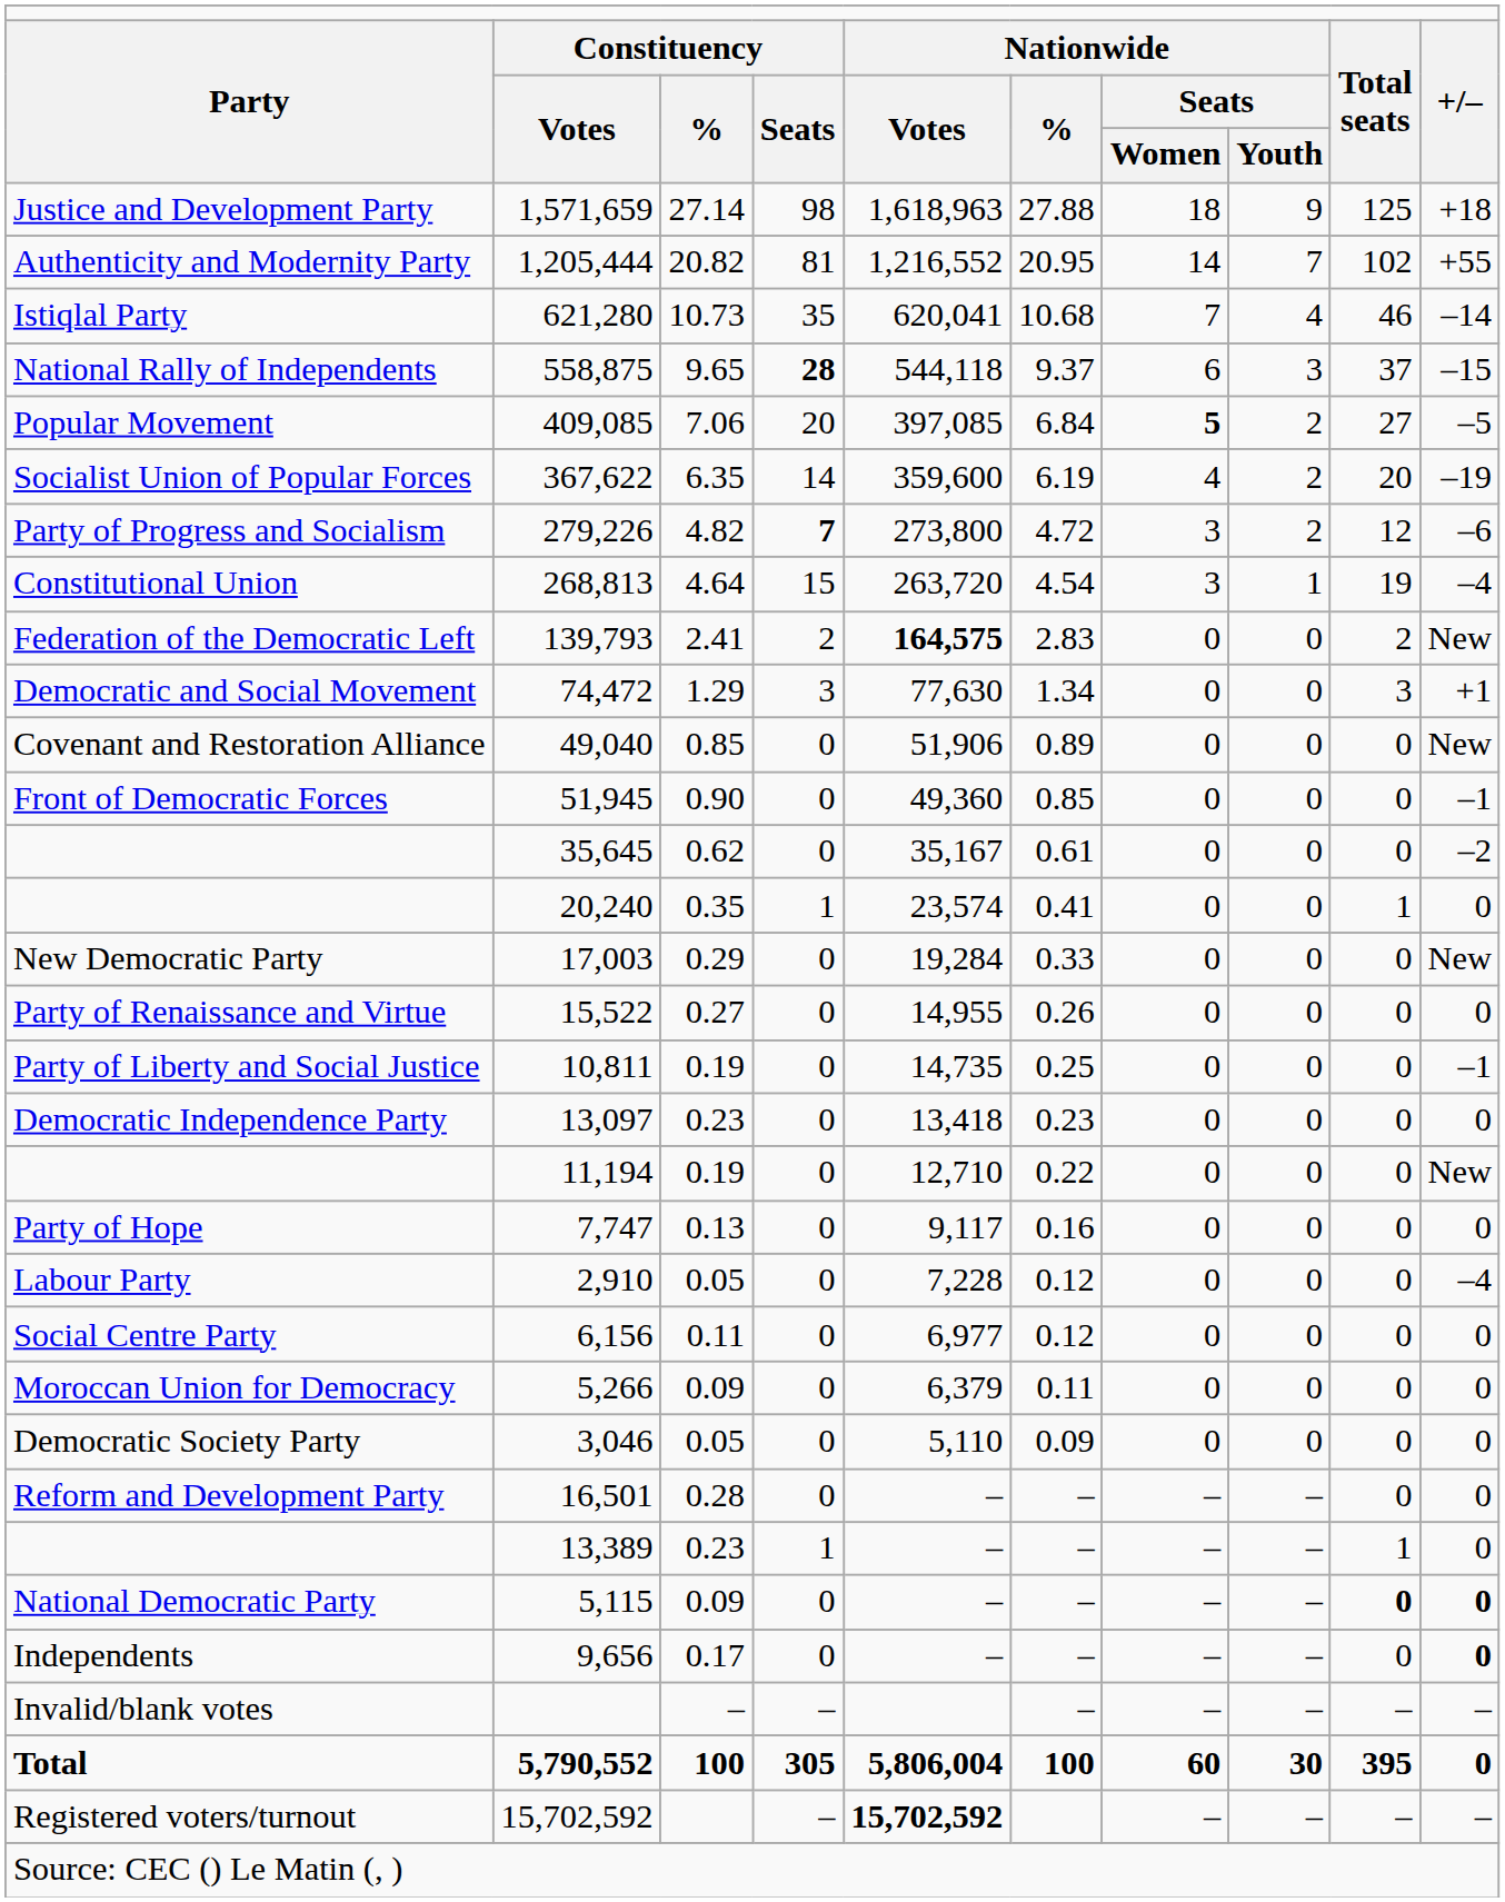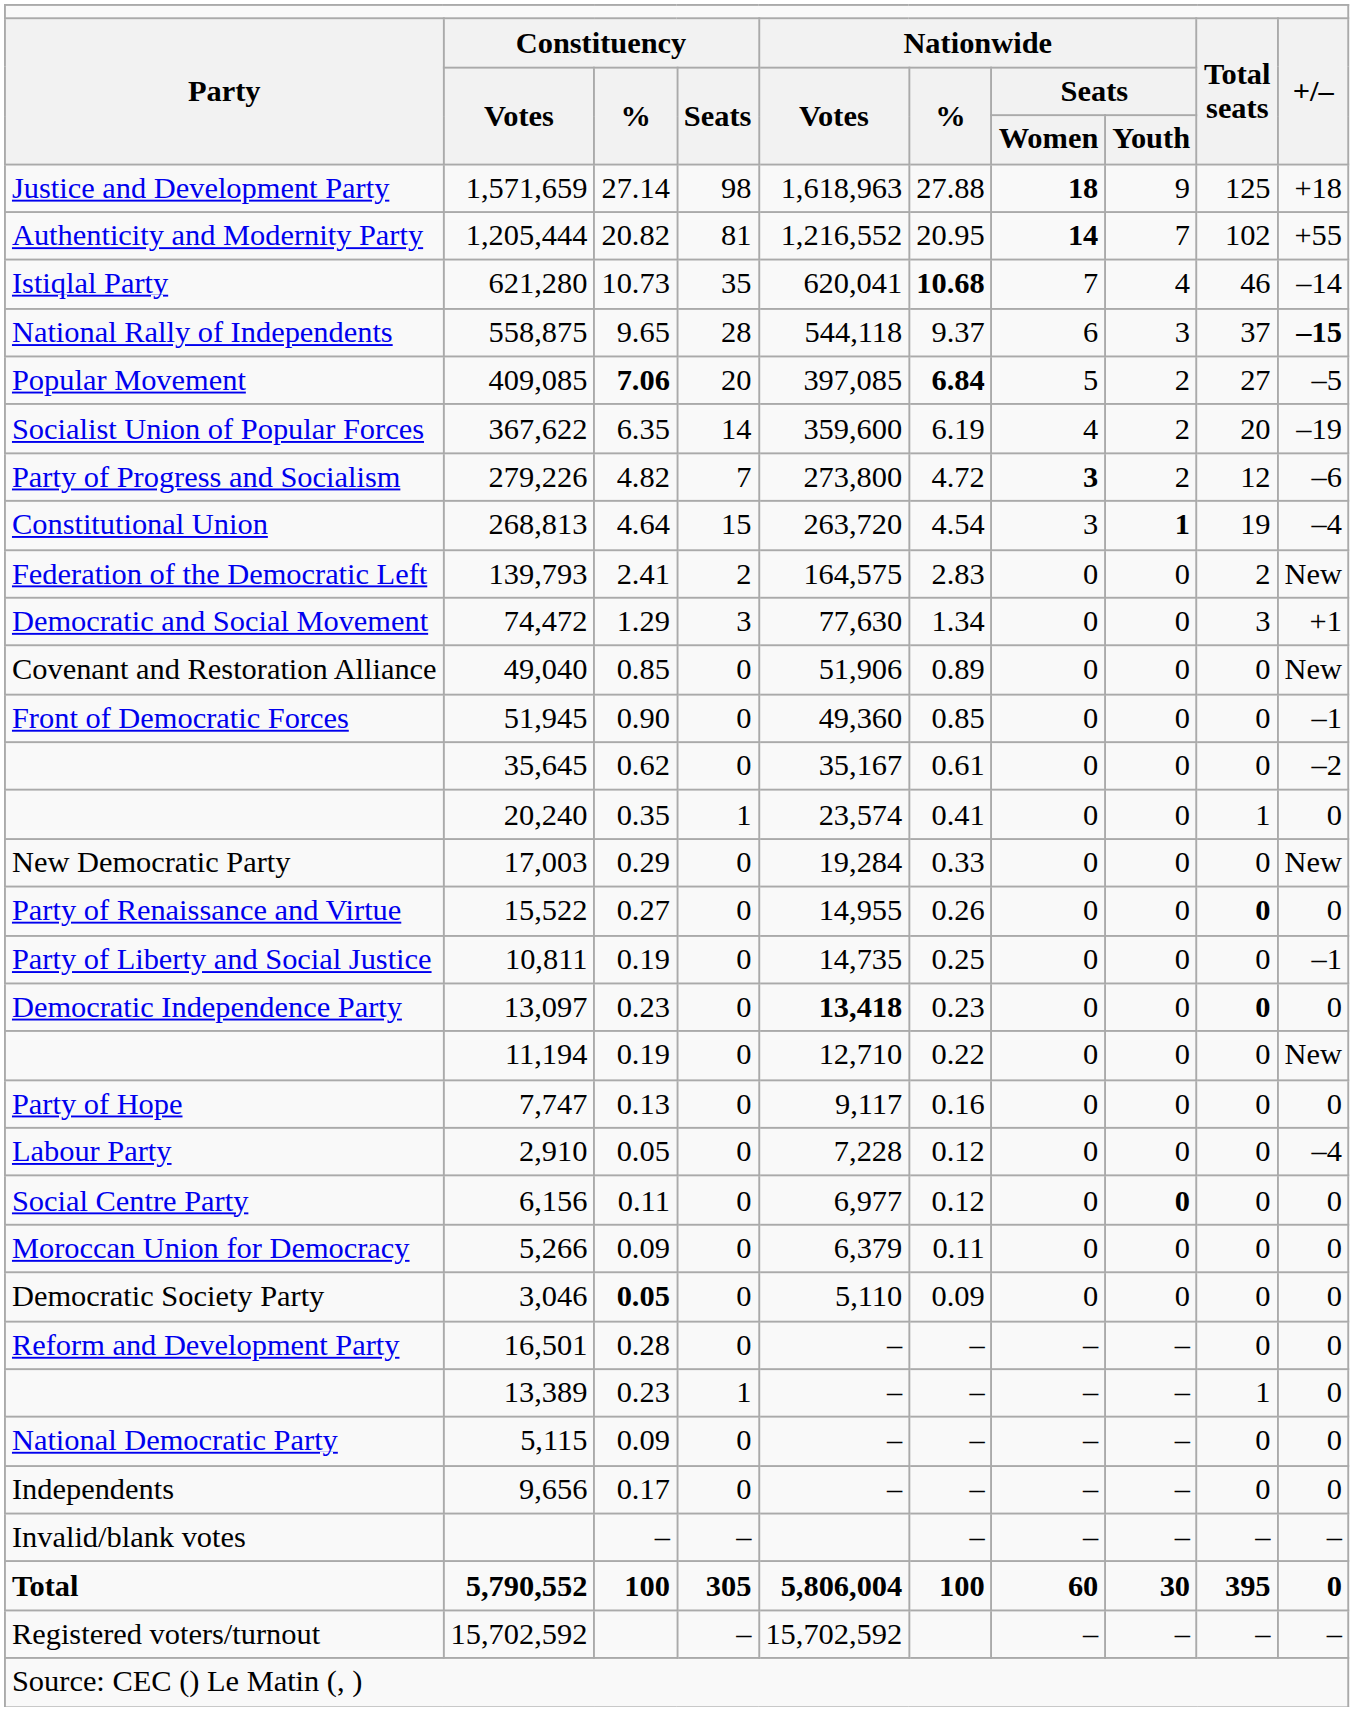 <table class=wikitable style=text-align:right>
 <tr>
 <td colspan=20 align=center></td>
 </tr>
 <tr>
 <th rowspan=3>Party</th>
 <th colspan=3>Constituency</th>
 <th colspan=4>Nationwide</th>
 <th rowspan=3>Total<br>seats</th>
 <th rowspan=3>+/–</th>
 </tr>
 <tr>
 <th rowspan=2>Votes</th>
 <th rowspan=2>%</th>
 <th rowspan=2>Seats</th>
 <th rowspan=2>Votes</th>
 <th rowspan=2>%</th>
 <th colspan=2>Seats</th>
 </tr>
 <tr>
 <th>Women</th>
 <th>Youth</th>
 </tr>
 <tr>
 <td align=left><a href='#'>Justice and Development Party</a></td>
 <td>1,571,659</td>
 <td>27.14</td>
 <td>98</td>
 <td>1,618,963</td>
 <td>27.88</td>
-<td>18</td>
+<td><strong>18</strong></td>
 <td>9</td>
 <td>125</td>
 <td>+18</td>
 </tr>
 <tr>
 <td align=left><a href='#'>Authenticity and Modernity Party</a></td>
 <td>1,205,444</td>
 <td>20.82</td>
 <td>81</td>
 <td>1,216,552</td>
 <td>20.95</td>
-<td>14</td>
+<td><strong>14</strong></td>
 <td>7</td>
 <td>102</td>
 <td>+55</td>
 </tr>
 <tr>
 <td align=left><a href='#'>Istiqlal Party</a></td>
 <td>621,280</td>
 <td>10.73</td>
 <td>35</td>
 <td>620,041</td>
-<td>10.68</td>
+<td><strong>10.68</strong></td>
 <td>7</td>
 <td>4</td>
 <td>46</td>
 <td>–14</td>
 </tr>
 <tr>
 <td align=left><a href='#'>National Rally of Independents</a></td>
 <td>558,875</td>
 <td>9.65</td>
-<td><strong>28</strong></td>
+<td>28</td>
 <td>544,118</td>
 <td>9.37</td>
 <td>6</td>
 <td>3</td>
 <td>37</td>
-<td>–15</td>
+<td><strong>–15</strong></td>
 </tr>
 <tr>
 <td align=left><a href='#'>Popular Movement</a></td>
 <td>409,085</td>
-<td>7.06</td>
+<td><strong>7.06</strong></td>
 <td>20</td>
 <td>397,085</td>
-<td>6.84</td>
-<td><strong>5</strong></td>
+<td><strong>6.84</strong></td>
+<td>5</td>
 <td>2</td>
 <td>27</td>
 <td>–5</td>
 </tr>
 <tr>
 <td align=left><a href='#'>Socialist Union of Popular Forces</a></td>
 <td>367,622</td>
 <td>6.35</td>
 <td>14</td>
 <td>359,600</td>
 <td>6.19</td>
 <td>4</td>
 <td>2</td>
 <td>20</td>
 <td>–19</td>
 </tr>
 <tr>
 <td align=left><a href='#'>Party of Progress and Socialism</a></td>
 <td>279,226</td>
 <td>4.82</td>
-<td><strong>7</strong></td>
+<td>7</td>
 <td>273,800</td>
 <td>4.72</td>
-<td>3</td>
+<td><strong>3</strong></td>
 <td>2</td>
 <td>12</td>
 <td>–6</td>
 </tr>
 <tr>
 <td align=left><a href='#'>Constitutional Union</a></td>
 <td>268,813</td>
 <td>4.64</td>
 <td>15</td>
 <td>263,720</td>
 <td>4.54</td>
 <td>3</td>
-<td>1</td>
+<td><strong>1</strong></td>
 <td>19</td>
 <td>–4</td>
 </tr>
 <tr>
 <td align=left><a href='#'>Federation of the Democratic Left</a></td>
 <td>139,793</td>
 <td>2.41</td>
 <td>2</td>
-<td><strong>164,575</strong></td>
+<td>164,575</td>
 <td>2.83</td>
 <td>0</td>
 <td>0</td>
 <td>2</td>
 <td>New</td>
 </tr>
 <tr>
 <td align=left><a href='#'>Democratic and Social Movement</a></td>
 <td>74,472</td>
 <td>1.29</td>
 <td>3</td>
 <td>77,630</td>
 <td>1.34</td>
 <td>0</td>
 <td>0</td>
 <td>3</td>
 <td>+1</td>
 </tr>
 <tr>
 <td align=left>Covenant and Restoration Alliance</td>
 <td>49,040</td>
 <td>0.85</td>
 <td>0</td>
 <td>51,906</td>
 <td>0.89</td>
 <td>0</td>
 <td>0</td>
 <td>0</td>
 <td>New</td>
 </tr>
 <tr>
 <td align=left><a href='#'>Front of Democratic Forces</a></td>
 <td>51,945</td>
 <td>0.90</td>
 <td>0</td>
 <td>49,360</td>
 <td>0.85</td>
 <td>0</td>
 <td>0</td>
 <td>0</td>
 <td>–1</td>
 </tr>
 <tr>
 <td align=left></td>
 <td>35,645</td>
 <td>0.62</td>
 <td>0</td>
 <td>35,167</td>
 <td>0.61</td>
 <td>0</td>
 <td>0</td>
 <td>0</td>
 <td>–2</td>
 </tr>
 <tr>
 <td align=left></td>
 <td>20,240</td>
 <td>0.35</td>
 <td>1</td>
 <td>23,574</td>
 <td>0.41</td>
 <td>0</td>
 <td>0</td>
 <td>1</td>
 <td>0</td>
 </tr>
 <tr>
 <td align=left>New Democratic Party</td>
 <td>17,003</td>
 <td>0.29</td>
 <td>0</td>
 <td>19,284</td>
 <td>0.33</td>
 <td>0</td>
 <td>0</td>
 <td>0</td>
 <td>New</td>
 </tr>
 <tr>
 <td align=left><a href='#'>Party of Renaissance and Virtue</a></td>
 <td>15,522</td>
 <td>0.27</td>
 <td>0</td>
 <td>14,955</td>
 <td>0.26</td>
 <td>0</td>
 <td>0</td>
-<td>0</td>
+<td><strong>0</strong></td>
 <td>0</td>
 </tr>
 <tr>
 <td align=left><a href='#'>Party of Liberty and Social Justice</a></td>
 <td>10,811</td>
 <td>0.19</td>
 <td>0</td>
 <td>14,735</td>
 <td>0.25</td>
 <td>0</td>
 <td>0</td>
 <td>0</td>
 <td>–1</td>
 </tr>
 <tr>
 <td align=left><a href='#'>Democratic Independence Party</a></td>
 <td>13,097</td>
 <td>0.23</td>
 <td>0</td>
-<td>13,418</td>
+<td><strong>13,418</strong></td>
 <td>0.23</td>
 <td>0</td>
 <td>0</td>
-<td>0</td>
+<td><strong>0</strong></td>
 <td>0</td>
 </tr>
 <tr>
 <td align=left></td>
 <td>11,194</td>
 <td>0.19</td>
 <td>0</td>
 <td>12,710</td>
 <td>0.22</td>
 <td>0</td>
 <td>0</td>
 <td>0</td>
 <td>New</td>
 </tr>
 <tr>
 <td align=left><a href='#'>Party of Hope</a></td>
 <td>7,747</td>
 <td>0.13</td>
 <td>0</td>
 <td>9,117</td>
 <td>0.16</td>
 <td>0</td>
 <td>0</td>
 <td>0</td>
 <td>0</td>
 </tr>
 <tr>
 <td align=left><a href='#'>Labour Party</a></td>
 <td>2,910</td>
 <td>0.05</td>
 <td>0</td>
 <td>7,228</td>
 <td>0.12</td>
 <td>0</td>
 <td>0</td>
 <td>0</td>
 <td>–4</td>
 </tr>
 <tr>
 <td align=left><a href='#'>Social Centre Party</a></td>
 <td>6,156</td>
 <td>0.11</td>
 <td>0</td>
 <td>6,977</td>
 <td>0.12</td>
 <td>0</td>
-<td>0</td>
+<td><strong>0</strong></td>
 <td>0</td>
 <td>0</td>
 </tr>
 <tr>
 <td align=left><a href='#'>Moroccan Union for Democracy</a></td>
 <td>5,266</td>
 <td>0.09</td>
 <td>0</td>
 <td>6,379</td>
 <td>0.11</td>
 <td>0</td>
 <td>0</td>
 <td>0</td>
 <td>0</td>
 </tr>
 <tr>
 <td align=left>Democratic Society Party</td>
 <td>3,046</td>
-<td>0.05</td>
+<td><strong>0.05</strong></td>
 <td>0</td>
 <td>5,110</td>
 <td>0.09</td>
 <td>0</td>
 <td>0</td>
 <td>0</td>
 <td>0</td>
 </tr>
 <tr>
 <td align=left><a href='#'>Reform and Development Party</a></td>
 <td>16,501</td>
 <td>0.28</td>
 <td>0</td>
 <td>–</td>
 <td>–</td>
 <td>–</td>
 <td>–</td>
 <td>0</td>
 <td>0</td>
 </tr>
 <tr>
 <td align=left></td>
 <td>13,389</td>
 <td>0.23</td>
 <td>1</td>
 <td>–</td>
 <td>–</td>
 <td>–</td>
 <td>–</td>
 <td>1</td>
 <td>0</td>
 </tr>
 <tr>
 <td align=left><a href='#'>National Democratic Party</a></td>
 <td>5,115</td>
 <td>0.09</td>
 <td>0</td>
 <td>–</td>
 <td>–</td>
 <td>–</td>
 <td>–</td>
-<td><strong>0</strong></td>
-<td><strong>0</strong></td>
+<td>0</td>
+<td>0</td>
 </tr>
 <tr>
 <td align=left>Independents</td>
 <td>9,656</td>
 <td>0.17</td>
 <td>0</td>
 <td>–</td>
 <td>–</td>
 <td>–</td>
 <td>–</td>
 <td>0</td>
-<td><strong>0</strong></td>
+<td>0</td>
 </tr>
 <tr>
 <td align=left>Invalid/blank votes</td>
 <td></td>
 <td>–</td>
 <td>–</td>
 <td></td>
 <td>–</td>
 <td>–</td>
 <td>–</td>
 <td>–</td>
 <td>–</td>
 </tr>
 <tr>
 <td align=left><strong>Total</strong></td>
 <td><strong>5,790,552</strong></td>
 <td><strong>100</strong></td>
 <td><strong>305</strong></td>
 <td><strong>5,806,004</strong></td>
 <td><strong>100</strong></td>
 <td><strong>60</strong></td>
 <td><strong>30</strong></td>
 <td><strong>395</strong></td>
 <td><strong>0</strong></td>
 </tr>
 <tr>
 <td align=left>Registered voters/turnout</td>
 <td>15,702,592</td>
 <td></td>
 <td>–</td>
-<td><strong>15,702,592</strong></td>
+<td>15,702,592</td>
 <td></td>
 <td>–</td>
 <td>–</td>
 <td>–</td>
 <td>–</td>
 </tr>
 <tr>
 <td align=left colspan=10>Source: CEC () Le Matin (, )</td>
 </tr>
 </table>
